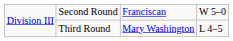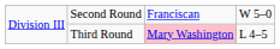 <table class="wikitable">
 <tr>
 <td rowspan="5"><a href='#'>Division III</a></td>
 <td>Second Round</td>
 <td><a href='#'>Franciscan</a></td>
 <td>W 5–0</td>
 </tr>
 <tr>
 <td>Third Round</td>
-<td><a href='#'>Mary Washington</a></td>
+<td style="background: pink;"><a href='#'>Mary Washington</a></td>
 <td>L 4–5</td>
 </tr>
 </table>
